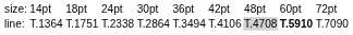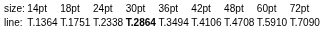 <table style="margin-left:40px;">
 <tr>
 <td>size:</td>
 <td>14pt</td>
 <td>18pt</td>
 <td>24pt</td>
 <td>30pt</td>
 <td>36pt</td>
 <td>42pt</td>
 <td>48pt</td>
 <td>60pt</td>
 <td>72pt</td>
 </tr>
 <tr>
 <td>line:</td>
 <td>T.1364</td>
 <td>T.1751</td>
 <td>T.2338</td>
-<td>T.2864</td>
+<td><strong>T.2864</strong></td>
 <td>T.3494</td>
 <td>T.4106</td>
-<td style="background: lightgrey;">T.4708</td>
-<td><strong>T.5910</strong></td>
+<td>T.4708</td>
+<td>T.5910</td>
 <td>T.7090</td>
 </tr>
 </table>
